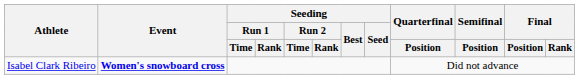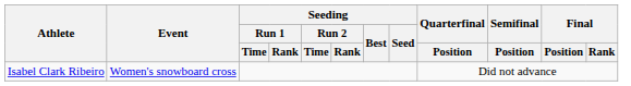 <table class=wikitable style=font-size:90%>
 <tr>
 <th rowspan=3>Athlete</th>
 <th rowspan=3>Event</th>
 <th colspan=6>Seeding</th>
 <th rowspan=2>Quarterfinal</th>
 <th rowspan=2>Semifinal</th>
 <th rowspan=2 colspan=2>Final</th>
 </tr>
 <tr style=font-size:95%>
 <th colspan=2>Run 1</th>
 <th colspan=2>Run 2</th>
 <th rowspan=2>Best</th>
 <th rowspan=2>Seed</th>
 </tr>
 <tr style=font-size:95%>
 <th>Time</th>
 <th>Rank</th>
 <th>Time</th>
 <th>Rank</th>
 <th>Position</th>
 <th>Position</th>
 <th>Position</th>
 <th>Rank</th>
 </tr>
 <tr align=center>
 <td align="left"><a href='#'>Isabel Clark Ribeiro</a></td>
-<td align="left"><strong><a href='#'>Women's snowboard cross</a></strong></td>
+<td align="left"><a href='#'>Women's snowboard cross</a></td>
 <td colspan=6></td>
 <td colspan=4>Did not advance</td>
 </tr>
 </table>
